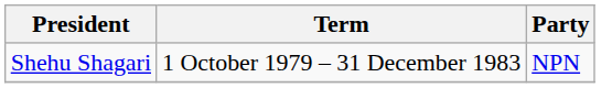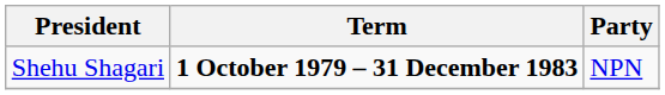 <table class="wikitable">
 <tr>
 <th>President</th>
 <th>Term</th>
 <th>Party</th>
 </tr>
 <tr>
 <td><a href='#'>Shehu Shagari</a></td>
-<td>1 October 1979 – 31 December 1983</td>
+<td><strong>1 October 1979 – 31 December 1983</strong></td>
 <td><a href='#'>NPN</a></td>
 </tr>
 <tr>
 </tr>
 </table>
